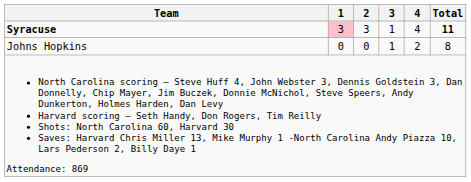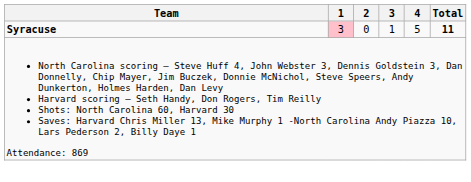 <table class="wikitable" style="text-align:center; max-width:45em">
 <tr>
 <th>Team</th>
 <th style="width:2em">1</th>
 <th style="width:2em">2</th>
 <th style="width:2em">3</th>
 <th style="width:2em">4</th>
 <th style="width:2em">Total</th>
 </tr>
 <tr>
 <td style="text-align:left"><strong>Syracuse</strong></td>
 <td style="background: pink;">3</td>
-<td>3</td>
-<td>1</td>
-<td>4</td>
-<td><strong>11</strong></td>
-</tr>
-<tr>
-<td style="text-align:left">Johns Hopkins</td>
-<td>0</td>
 <td>0</td>
 <td>1</td>
-<td>2</td>
-<td>8</td>
+<td>5</td>
+<td><strong>11</strong></td>
 </tr>
 <tr>
 <td colspan=6 style="text-align:left; font-size:88%;"><br><ul><li>North Carolina scoring – Steve Huff 4, John Webster 3, Dennis Goldstein 3, Dan Donnelly, Chip Mayer, Jim Buczek, Donnie McNichol, Steve Speers, Andy Dunkerton, Holmes Harden, Dan Levy</li><li>Harvard scoring – Seth Handy, Don Rogers, Tim Reilly</li><li>Shots: North Carolina 60, Harvard 30</li><li>Saves: Harvard Chris Miller 13, Mike Murphy 1 -North Carolina Andy Piazza 10, Lars Pederson 2, Billy Daye 1</li></ul>Attendance: 869 </td>
 </tr>
 </table>
